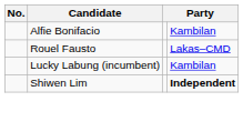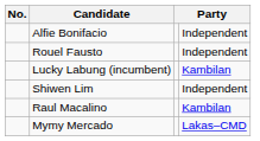 <table class="wikitable sortable" style="text-align:left;">
 <tr>
 <th>No.</th>
 <th>Candidate</th>
 <th colspan="2">Party</th>
 </tr>
 <tr>
 <td></td>
 <td>Alfie Bonifacio</td>
 <td></td>
-<td><a href='#'>Kambilan</a></td>
+<td>Independent</td>
 </tr>
 <tr>
 <td></td>
 <td>Rouel Fausto</td>
 <td></td>
-<td><a href='#'>Lakas–CMD</a></td>
+<td>Independent</td>
 </tr>
 <tr>
 <td></td>
 <td>Lucky Labung (incumbent)</td>
 <td></td>
 <td><a href='#'>Kambilan</a></td>
 </tr>
 <tr>
 <td></td>
 <td>Shiwen Lim</td>
 <td></td>
-<td><strong>Independent</strong></td>
+<td>Independent</td>
+</tr>
+<tr>
+<td></td>
+<td>Raul Macalino</td>
+<td></td>
+<td><a href='#'>Kambilan</a></td>
+</tr>
+<tr>
+<td></td>
+<td>Mymy Mercado</td>
+<td></td>
+<td><a href='#'>Lakas–CMD</a></td>
 </tr>
 </table>
